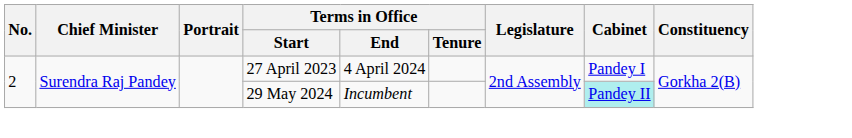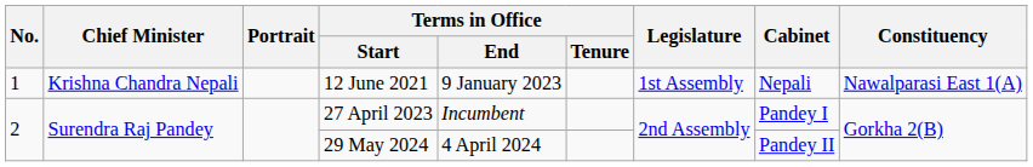 <table class="wikitable">
 <tr>
 <th rowspan="2" style="background-color:">No.</th>
 <th rowspan="2" style="background-color:">Chief Minister</th>
 <th rowspan="2" style="background-color:">Portrait</th>
 <th colspan="3" style="background-color:">Terms in Office</th>
 <th rowspan="2" style="background-color:">Legislature</th>
 <th rowspan="2" style="background-color:">Cabinet</th>
 <th rowspan="2" style="background-color:">Constituency</th>
 </tr>
 <tr>
 <th style="background-color:">Start</th>
 <th style="background-color:">End</th>
 <th style="background-color:">Tenure</th>
 </tr>
 <tr>
+<td>1</td>
+<td><a href='#'>Krishna Chandra Nepali</a></td>
+<td></td>
+<td>12 June 2021</td>
+<td>9 January 2023</td>
+<td></td>
+<td><a href='#'>1st Assembly</a></td>
+<td><a href='#'>Nepali</a></td>
+<td><a href='#'>Nawalparasi East 1(A)</a></td>
+</tr>
+<tr>
 <td rowspan="2">2</td>
 <td rowspan="2"><a href='#'>Surendra Raj Pandey</a></td>
 <td rowspan="2"></td>
 <td>27 April 2023</td>
-<td>4 April 2024</td>
+<td><em>Incumbent</em></td>
 <td></td>
 <td rowspan="2"><a href='#'>2nd Assembly</a></td>
 <td><a href='#'>Pandey I</a></td>
 <td rowspan="2"><a href='#'>Gorkha 2(B)</a></td>
 </tr>
 <tr>
 <td>29 May 2024</td>
-<td><em>Incumbent</em></td>
+<td>4 April 2024</td>
 <td></td>
-<td style="background: paleturquoise;"><a href='#'>Pandey II</a></td>
+<td><a href='#'>Pandey II</a></td>
 </tr>
 </table>
